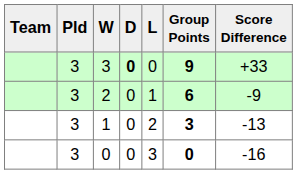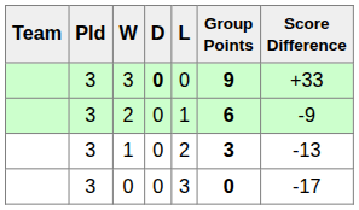 <table style=border-collapse:collapse border=1 cellspacing=0 cellpadding=5>
 <tr align=center bgcolor=#efefef>
 <th>Team</th>
 <th>Pld</th>
 <th>W</th>
 <th>D</th>
 <th>L</th>
 <th><small>Group<br>Points</small></th>
 <th><small>Score<br>Difference</small></th>
 </tr>
 <tr align=center style="background:#cfc;">
 <td style="text-align:left;"> </td>
 <td>3</td>
 <td>3</td>
 <td><strong>0</strong></td>
 <td>0</td>
 <td><strong>9</strong></td>
 <td>+33</td>
 </tr>
 <tr align=center style="background:#cfc;">
 <td style="text-align:left;"> </td>
 <td>3</td>
 <td>2</td>
 <td>0</td>
 <td>1</td>
 <td><strong>6</strong></td>
 <td>-9</td>
 </tr>
 <tr align=center style="background:#ffffff;">
 <td style="text-align:left;"> </td>
 <td>3</td>
 <td>1</td>
 <td>0</td>
 <td>2</td>
 <td><strong>3</strong></td>
 <td>-13</td>
 </tr>
 <tr align=center style="background:#ffffff;">
 <td style="text-align:left;"> </td>
 <td>3</td>
 <td>0</td>
 <td>0</td>
 <td>3</td>
 <td><strong>0</strong></td>
-<td>-16</td>
+<td>-17</td>
 </tr>
 </table>
